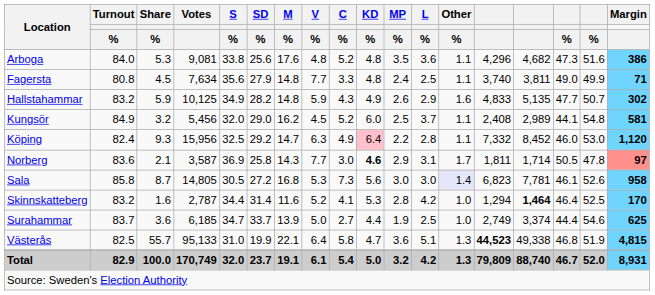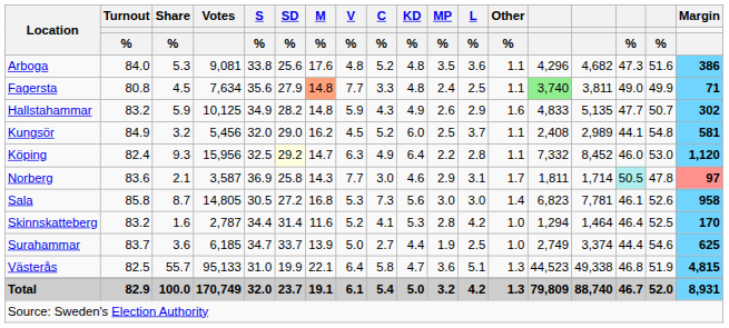 <table class="wikitable sortable" style="text-align:right; font-size:95%; line-height:20px;">
 <tr>
 <th rowspan="3">Location</th>
 <th>Turnout</th>
 <th>Share</th>
 <th>Votes</th>
 <th width="30px" class="unsortable"><a href='#'>S</a></th>
 <th width="30px" class="unsortable"><a href='#'>SD</a></th>
 <th width="30px" class="unsortable"><a href='#'>M</a></th>
 <th width="30px" class="unsortable"><a href='#'>V</a></th>
 <th width="30px" class="unsortable"><a href='#'>C</a></th>
 <th width="30px" class="unsortable"><a href='#'>KD</a></th>
 <th width="30px" class="unsortable"><a href='#'>MP</a></th>
 <th width="30px" class="unsortable"><a href='#'>L</a></th>
 <th width="30px" class="unsortable">Other</th>
 <th></th>
 <th></th>
 <th></th>
 <th></th>
 <th>Margin</th>
 </tr>
 <tr>
 <th></th>
 <th></th>
 <th></th>
 <th style="background:"></th>
 <th style="background:"></th>
 <th style="background:"></th>
 <th style="background:"></th>
 <th style="background:"></th>
 <th style="background:"></th>
 <th style="background:"></th>
 <th style="background:"></th>
 <th style="background:"></th>
 <th style="background:"></th>
 <th style="background:"></th>
 <th style="background:"></th>
 <th style="background:"></th>
 </tr>
 <tr>
 <th data-sort-type="number">%</th>
 <th data-sort-type="number">%</th>
 <th></th>
 <th data-sort-type="number">%</th>
 <th data-sort-type="number">%</th>
 <th data-sort-type="number">%</th>
 <th data-sort-type="number">%</th>
 <th data-sort-type="number">%</th>
 <th data-sort-type="number">%</th>
 <th data-sort-type="number">%</th>
 <th data-sort-type="number">%</th>
 <th data-sort-type="number">%</th>
 <th data-sort-type="number"></th>
 <th data-sort-type="number"></th>
 <th data-sort-type="number">%</th>
 <th data-sort-type="number">%</th>
 <th data-sort-type="number"></th>
 </tr>
 <tr>
 <td align="left"><a href='#'>Arboga</a></td>
 <td>84.0</td>
 <td>5.3</td>
 <td>9,081</td>
 <td>33.8</td>
 <td>25.6</td>
 <td>17.6</td>
 <td>4.8</td>
 <td>5.2</td>
 <td>4.8</td>
 <td>3.5</td>
 <td>3.6</td>
 <td>1.1</td>
 <td>4,296</td>
 <td>4,682</td>
 <td>47.3</td>
 <td>51.6</td>
 <td bgcolor=#6fd5fe><strong>386</strong></td>
 </tr>
 <tr>
 <td align="left"><a href='#'>Fagersta</a></td>
 <td>80.8</td>
 <td>4.5</td>
 <td>7,634</td>
 <td>35.6</td>
 <td>27.9</td>
-<td>14.8</td>
+<td style="background: lightsalmon;">14.8</td>
 <td>7.7</td>
 <td>3.3</td>
 <td>4.8</td>
 <td>2.4</td>
 <td>2.5</td>
 <td>1.1</td>
-<td>3,740</td>
+<td style="background: lightgreen;">3,740</td>
 <td>3,811</td>
 <td>49.0</td>
 <td>49.9</td>
 <td bgcolor=#6fd5fe><strong>71</strong></td>
 </tr>
 <tr>
 <td align="left"><a href='#'>Hallstahammar</a></td>
 <td>83.2</td>
 <td>5.9</td>
 <td>10,125</td>
 <td>34.9</td>
 <td>28.2</td>
 <td>14.8</td>
 <td>5.9</td>
 <td>4.3</td>
 <td>4.9</td>
 <td>2.6</td>
 <td>2.9</td>
 <td>1.6</td>
 <td>4,833</td>
 <td>5,135</td>
 <td>47.7</td>
 <td>50.7</td>
 <td bgcolor=#6fd5fe><strong>302</strong></td>
 </tr>
 <tr>
 <td align="left"><a href='#'>Kungsör</a></td>
 <td>84.9</td>
 <td>3.2</td>
 <td>5,456</td>
 <td>32.0</td>
 <td>29.0</td>
 <td>16.2</td>
 <td>4.5</td>
 <td>5.2</td>
 <td>6.0</td>
 <td>2.5</td>
 <td>3.7</td>
 <td>1.1</td>
 <td>2,408</td>
 <td>2,989</td>
 <td>44.1</td>
 <td>54.8</td>
 <td bgcolor=#6fd5fe><strong>581</strong></td>
 </tr>
 <tr>
 <td align="left"><a href='#'>Köping</a></td>
 <td>82.4</td>
 <td>9.3</td>
 <td>15,956</td>
 <td>32.5</td>
-<td>29.2</td>
+<td style="background: lightyellow;">29.2</td>
 <td>14.7</td>
 <td>6.3</td>
 <td>4.9</td>
-<td style="background: pink;">6.4</td>
+<td>6.4</td>
 <td>2.2</td>
 <td>2.8</td>
 <td>1.1</td>
 <td>7,332</td>
 <td>8,452</td>
 <td>46.0</td>
 <td>53.0</td>
 <td bgcolor=#6fd5fe><strong>1,120</strong></td>
 </tr>
 <tr>
 <td align="left"><a href='#'>Norberg</a></td>
 <td>83.6</td>
 <td>2.1</td>
 <td>3,587</td>
 <td>36.9</td>
 <td>25.8</td>
 <td>14.3</td>
 <td>7.7</td>
 <td>3.0</td>
-<td><strong>4.6</strong></td>
+<td>4.6</td>
 <td>2.9</td>
 <td>3.1</td>
 <td>1.7</td>
 <td>1,811</td>
 <td>1,714</td>
-<td>50.5</td>
+<td style="background: paleturquoise;">50.5</td>
 <td>47.8</td>
 <td bgcolor=#ff908c><strong>97</strong></td>
 </tr>
 <tr>
 <td align="left"><a href='#'>Sala</a></td>
 <td>85.8</td>
 <td>8.7</td>
 <td>14,805</td>
 <td>30.5</td>
 <td>27.2</td>
 <td>16.8</td>
 <td>5.3</td>
 <td>7.3</td>
 <td>5.6</td>
 <td>3.0</td>
 <td>3.0</td>
-<td style="background: lavender;">1.4</td>
+<td>1.4</td>
 <td>6,823</td>
 <td>7,781</td>
 <td>46.1</td>
 <td>52.6</td>
 <td bgcolor=#6fd5fe><strong>958</strong></td>
 </tr>
 <tr>
 <td align="left"><a href='#'>Skinnskatteberg</a></td>
 <td>83.2</td>
 <td>1.6</td>
 <td>2,787</td>
 <td>34.4</td>
 <td>31.4</td>
 <td>11.6</td>
 <td>5.2</td>
 <td>4.1</td>
 <td>5.3</td>
 <td>2.8</td>
 <td>4.2</td>
 <td>1.0</td>
 <td>1,294</td>
-<td><strong>1,464</strong></td>
+<td>1,464</td>
 <td>46.4</td>
 <td>52.5</td>
 <td bgcolor=#6fd5fe><strong>170</strong></td>
 </tr>
 <tr>
 <td align="left"><a href='#'>Surahammar</a></td>
 <td>83.7</td>
 <td>3.6</td>
 <td>6,185</td>
 <td>34.7</td>
 <td>33.7</td>
 <td>13.9</td>
 <td>5.0</td>
 <td>2.7</td>
 <td>4.4</td>
 <td>1.9</td>
 <td>2.5</td>
 <td>1.0</td>
 <td>2,749</td>
 <td>3,374</td>
 <td>44.4</td>
 <td>54.6</td>
 <td bgcolor=#6fd5fe><strong>625</strong></td>
 </tr>
 <tr>
 <td align="left"><a href='#'>Västerås</a></td>
 <td>82.5</td>
 <td>55.7</td>
 <td>95,133</td>
 <td>31.0</td>
 <td>19.9</td>
 <td>22.1</td>
 <td>6.4</td>
 <td>5.8</td>
 <td>4.7</td>
 <td>3.6</td>
 <td>5.1</td>
 <td>1.3</td>
-<td><strong>44,523</strong></td>
+<td>44,523</td>
 <td>49,338</td>
 <td>46.8</td>
 <td>51.9</td>
 <td bgcolor=#6fd5fe><strong>4,815</strong></td>
 </tr>
 <tr>
 </tr>
 <tr style="background:#CDCDCD;">
 <td align="left"><strong>Total</strong></td>
 <td><strong>82.9</strong></td>
 <td><strong>100.0</strong></td>
 <td><strong>170,749</strong></td>
 <td><strong>32.0</strong></td>
 <td><strong>23.7</strong></td>
 <td><strong>19.1</strong></td>
 <td><strong>6.1</strong></td>
 <td><strong>5.4</strong></td>
 <td><strong>5.0</strong></td>
 <td><strong>3.2</strong></td>
 <td><strong>4.2</strong></td>
 <td><strong>1.3</strong></td>
 <td><strong>79,809</strong></td>
 <td><strong>88,740</strong></td>
 <td><strong>46.7</strong></td>
 <td><strong>52.0</strong></td>
 <td bgcolor=#6fd5fe><strong>8,931</strong></td>
 </tr>
 <tr>
 <td colspan="18" align="left">Source: Sweden's <a href='#'>Election Authority</a></td>
 </tr>
 </table>
